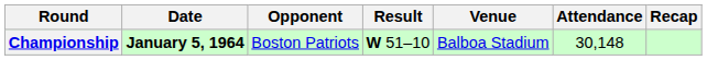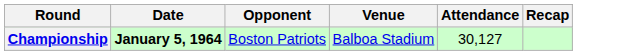 <table class="wikitable" style="text-align:center">
 <tr>
 <th scope="col">Round</th>
 <th scope="col">Date</th>
 <th scope="col">Opponent</th>
-<th scope="col">Result</th>
 <th scope="col">Venue</th>
 <th scope="col">Attendance</th>
 <th scope="col">Recap</th>
 </tr>
 <tr style="background:#cfc">
 <th><a href='#'>Championship</a></th>
 <td><strong>January 5, 1964</strong></td>
 <td><a href='#'>Boston Patriots</a></td>
-<td><strong>W</strong> 51–10</td>
 <td><a href='#'>Balboa Stadium</a></td>
-<td>30,148</td>
+<td>30,127</td>
 <td></td>
 </tr>
 </table>
